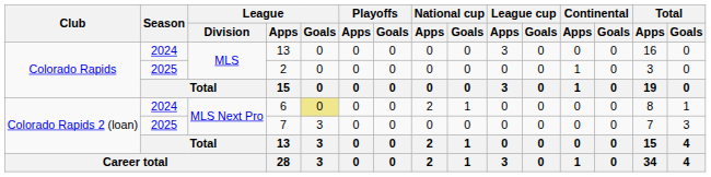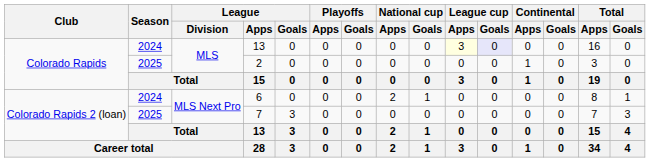 <table class="wikitable" style="text-align: center">
 <tr>
 <th rowspan="2">Club</th>
 <th rowspan="2">Season</th>
 <th colspan="3">League</th>
 <th colspan="2">Playoffs</th>
 <th colspan="2">National cup</th>
 <th colspan="2">League cup</th>
 <th colspan="2">Continental</th>
 <th colspan="2">Total</th>
 </tr>
 <tr>
 <th>Division</th>
 <th>Apps</th>
 <th>Goals</th>
 <th>Apps</th>
 <th>Goals</th>
 <th>Apps</th>
 <th>Goals</th>
 <th>Apps</th>
 <th>Goals</th>
 <th>Apps</th>
 <th>Goals</th>
 <th>Apps</th>
 <th>Goals</th>
 </tr>
 <tr>
 <td rowspan="3"><a href='#'>Colorado Rapids</a></td>
 <td><a href='#'>2024</a></td>
 <td rowspan="2"><a href='#'>MLS</a></td>
 <td>13</td>
 <td>0</td>
 <td>0</td>
 <td>0</td>
 <td>0</td>
 <td>0</td>
-<td>3</td>
-<td>0</td>
+<td style="background: lightyellow;">3</td>
+<td style="background: lavender;">0</td>
 <td>0</td>
 <td>0</td>
 <td>16</td>
 <td>0</td>
 </tr>
 <tr>
 <td><a href='#'>2025</a></td>
 <td>2</td>
 <td>0</td>
 <td>0</td>
 <td>0</td>
 <td>0</td>
 <td>0</td>
 <td>0</td>
 <td>0</td>
 <td>1</td>
 <td>0</td>
 <td>3</td>
 <td>0</td>
 </tr>
 <tr>
 <th colspan="2">Total</th>
 <th>15</th>
 <th>0</th>
 <th>0</th>
 <th>0</th>
 <th>0</th>
 <th>0</th>
 <th>3</th>
 <th>0</th>
 <th>1</th>
 <th>0</th>
 <th>19</th>
 <th>0</th>
 </tr>
 <tr>
 <td rowspan="3"><a href='#'>Colorado Rapids 2</a> (loan)</td>
 <td><a href='#'>2024</a></td>
 <td rowspan="2"><a href='#'>MLS Next Pro</a></td>
 <td>6</td>
-<td style="background: khaki;">0</td>
+<td>0</td>
 <td>0</td>
 <td>0</td>
 <td>2</td>
 <td>1</td>
 <td>0</td>
 <td>0</td>
 <td>0</td>
 <td>0</td>
 <td>8</td>
 <td>1</td>
 </tr>
 <tr>
 <td><a href='#'>2025</a></td>
 <td>7</td>
 <td>3</td>
 <td>0</td>
 <td>0</td>
 <td>0</td>
 <td>0</td>
 <td>0</td>
 <td>0</td>
 <td>0</td>
 <td>0</td>
 <td>7</td>
 <td>3</td>
 </tr>
 <tr>
 <th colspan="2">Total</th>
 <th>13</th>
 <th>3</th>
 <th>0</th>
 <th>0</th>
 <th>2</th>
 <th>1</th>
 <th>0</th>
 <th>0</th>
 <th>0</th>
 <th>0</th>
 <th>15</th>
 <th>4</th>
 </tr>
 <tr>
 <th colspan="3">Career total</th>
 <th>28</th>
 <th>3</th>
 <th>0</th>
 <th>0</th>
 <th>2</th>
 <th>1</th>
 <th>3</th>
 <th>0</th>
 <th>1</th>
 <th>0</th>
 <th>34</th>
 <th>4</th>
 </tr>
 </table>
